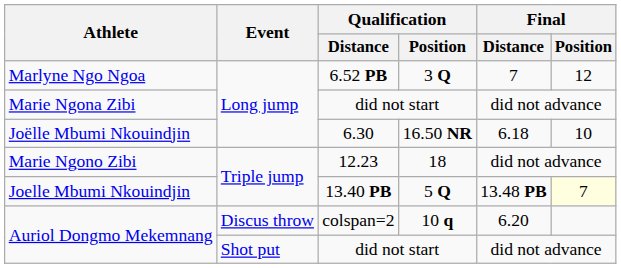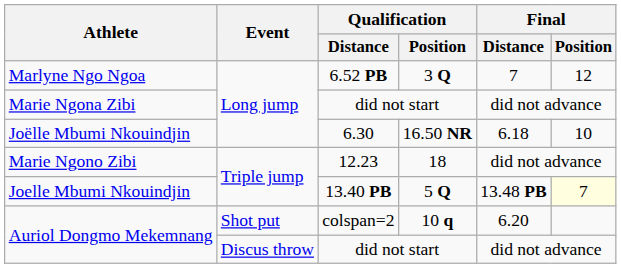 <table class=wikitable style="font-size:90%">
 <tr>
 <th rowspan="2">Athlete</th>
 <th rowspan="2">Event</th>
 <th colspan="2">Qualification</th>
 <th colspan="2">Final</th>
 </tr>
 <tr style="font-size:95%">
 <th>Distance</th>
 <th>Position</th>
 <th>Distance</th>
 <th>Position</th>
 </tr>
 <tr align=center>
 <td align=left><a href='#'>Marlyne Ngo Ngoa</a></td>
 <td style="text-align:left;" rowspan="3"><a href='#'>Long jump</a></td>
 <td>6.52 <strong>PB</strong></td>
 <td>3 <strong>Q</strong></td>
 <td>7</td>
 <td>12</td>
 </tr>
 <tr align=center>
 <td align=left><a href='#'>Marie Ngona Zibi</a></td>
 <td colspan=2>did not start</td>
 <td colspan=2>did not advance</td>
 </tr>
 <tr align=center>
 <td align=left><a href='#'>Joëlle Mbumi Nkouindjin</a></td>
 <td>6.30</td>
 <td>16.50 <strong>NR</strong></td>
 <td>6.18</td>
 <td>10</td>
 </tr>
 <tr align=center>
 <td align=left><a href='#'>Marie Ngono Zibi</a></td>
 <td style="text-align:left;" rowspan="2"><a href='#'>Triple jump</a></td>
 <td>12.23</td>
 <td>18</td>
 <td colspan=2>did not advance</td>
 </tr>
 <tr align=center>
 <td align=left><a href='#'>Joelle Mbumi Nkouindjin</a></td>
 <td>13.40 <strong>PB</strong></td>
 <td>5 <strong>Q</strong></td>
 <td>13.48 <strong>PB</strong></td>
 <td style="background: lightyellow;">7</td>
 </tr>
 <tr align=center>
 <td align=left rowspan=2><a href='#'>Auriol Dongmo Mekemnang</a></td>
-<td style="text-align:left;"><a href='#'>Discus throw</a></td>
+<td style="text-align:left;"><a href='#'>Shot put</a></td>
 <td>colspan=2 </td>
 <td>10 <strong>q</strong></td>
 <td>6.20</td>
 </tr>
 <tr align=center>
-<td style="text-align:left;"><a href='#'>Shot put</a></td>
+<td style="text-align:left;"><a href='#'>Discus throw</a></td>
 <td colspan=2>did not start</td>
 <td colspan=2>did not advance</td>
 </tr>
 </table>
